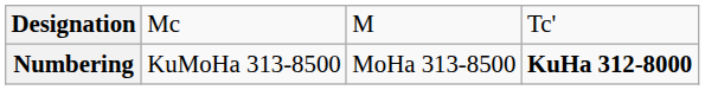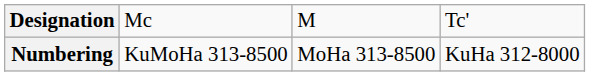 <table class="wikitable">
 <tr>
 <th>Designation</th>
 <td>Mc</td>
 <td>M</td>
 <td>Tc'</td>
 </tr>
 <tr>
 <th>Numbering</th>
 <td>KuMoHa 313-8500</td>
 <td>MoHa 313-8500</td>
-<td><strong>KuHa 312-8000</strong></td>
+<td>KuHa 312-8000</td>
 </tr>
 </table>
